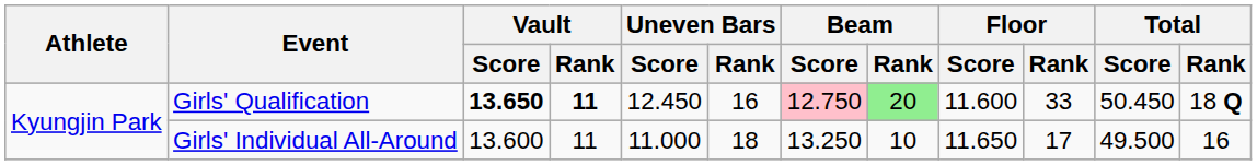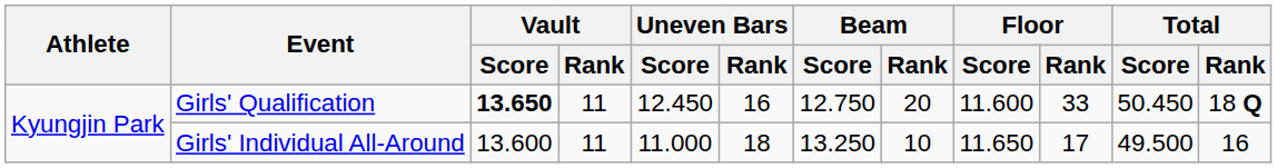 <table class="wikitable" border="1" style="font-size:90%">
 <tr>
 <th rowspan=2>Athlete</th>
 <th rowspan=2>Event</th>
 <th colspan=2>Vault</th>
 <th colspan=2>Uneven Bars</th>
 <th colspan=2>Beam</th>
 <th colspan=2>Floor</th>
 <th colspan=2>Total</th>
 </tr>
 <tr>
 <th>Score</th>
 <th>Rank</th>
 <th>Score</th>
 <th>Rank</th>
 <th>Score</th>
 <th>Rank</th>
 <th>Score</th>
 <th>Rank</th>
 <th>Score</th>
 <th>Rank</th>
 </tr>
 <tr>
 <td rowspan=2><a href='#'>Kyungjin Park</a></td>
 <td><a href='#'>Girls' Qualification</a></td>
 <td align=center><strong>13.650</strong></td>
-<td align=center><strong>11</strong></td>
+<td align=center>11</td>
 <td align=center>12.450</td>
 <td align=center>16</td>
-<td align=center style="background: pink;">12.750</td>
-<td align=center style="background: lightgreen;">20</td>
+<td align=center>12.750</td>
+<td align=center>20</td>
 <td align=center>11.600</td>
 <td align=center>33</td>
 <td align=center>50.450</td>
 <td align=center>18 <strong>Q</strong></td>
 </tr>
 <tr>
 <td><a href='#'>Girls' Individual All-Around</a></td>
 <td align=center>13.600</td>
 <td align=center>11</td>
 <td align=center>11.000</td>
 <td align=center>18</td>
 <td align=center>13.250</td>
 <td align=center>10</td>
 <td align=center>11.650</td>
 <td align=center>17</td>
 <td align=center>49.500</td>
 <td align=center>16</td>
 </tr>
 </table>
